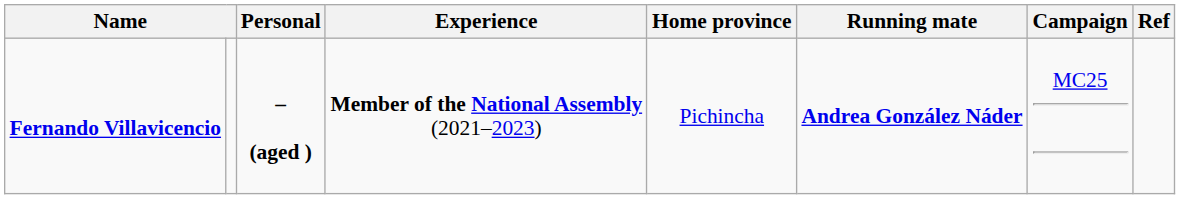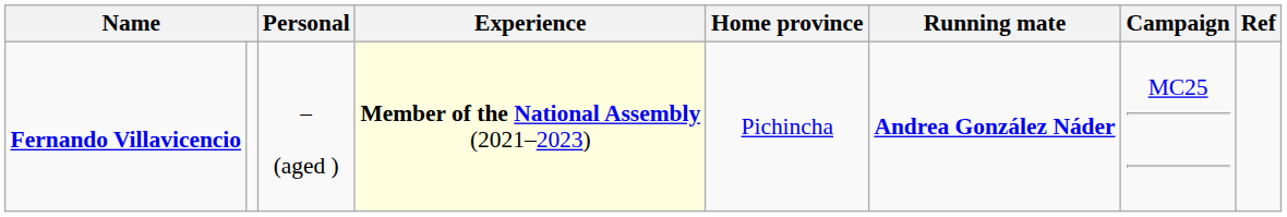 <table class="wikitable sortable" style="text-align:center;">
 <tr>
 <th scope="col" colspan=2>Name</th>
 <th>Personal</th>
 <th class="unsortable">Experience</th>
 <th>Home province</th>
 <th>Running mate</th>
 <th>Campaign</th>
 <th>Ref</th>
 </tr>
 <tr>
 <td data-sort-value="Villavicencio, Fernando"><br><strong><a href='#'>Fernando Villavicencio</a></strong></td>
 <td style="background:"></td>
-<td><strong><br>–<br><br>(aged )</strong></td>
-<td><strong>Member of the <a href='#'>National Assembly</a></strong><br>(2021–<a href='#'>2023</a>)</td>
+<td><br>–<br><br>(aged )</td>
+<td style="background: lightyellow;"><strong>Member of the <a href='#'>National Assembly</a></strong><br>(2021–<a href='#'>2023</a>)</td>
 <td><a href='#'>Pichincha</a></td>
 <td><strong><a href='#'>Andrea González Náder</a></strong></td>
 <td><br> <a href='#'>MC25</a><hr><br><hr><br></td>
 <td></td>
 </tr>
 </table>
